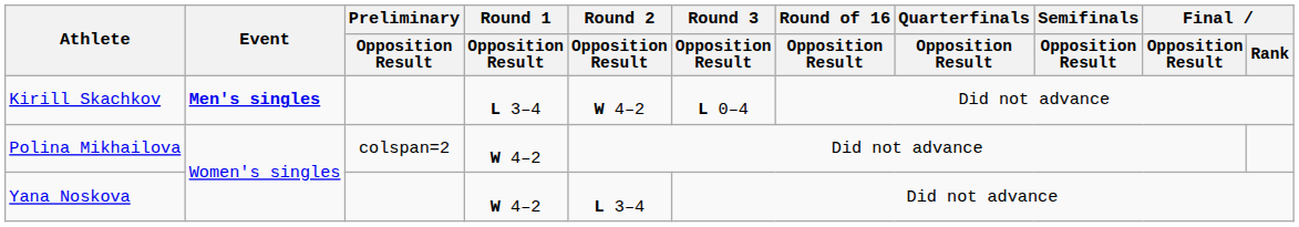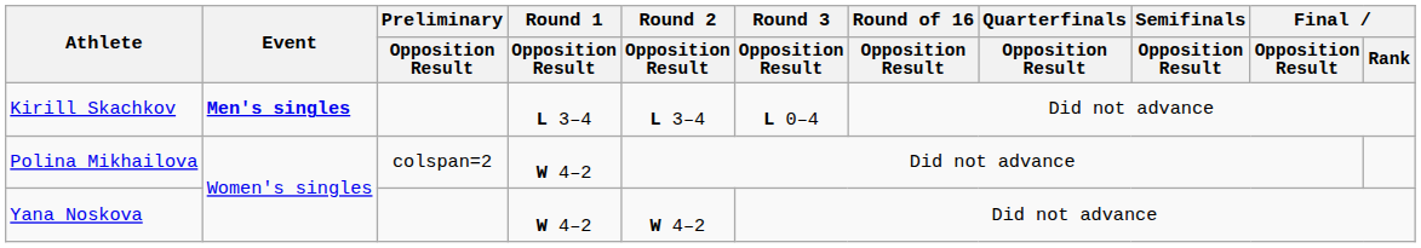 <table class="wikitable" style="text-align:center; font-size:90%">
 <tr>
 <th rowspan=2>Athlete</th>
 <th rowspan=2>Event</th>
 <th>Preliminary</th>
 <th>Round 1</th>
 <th>Round 2</th>
 <th>Round 3</th>
 <th>Round of 16</th>
 <th>Quarterfinals</th>
 <th>Semifinals</th>
 <th colspan=2>Final / </th>
 </tr>
 <tr style="font-size:95%">
 <th>Opposition<br>Result</th>
 <th>Opposition<br>Result</th>
 <th>Opposition<br>Result</th>
 <th>Opposition<br>Result</th>
 <th>Opposition<br>Result</th>
 <th>Opposition<br>Result</th>
 <th>Opposition<br>Result</th>
 <th>Opposition<br>Result</th>
 <th>Rank</th>
 </tr>
 <tr>
 <td align=left><a href='#'>Kirill Skachkov</a></td>
 <td align=left><strong><a href='#'>Men's singles</a></strong></td>
 <td></td>
 <td><br><strong>L</strong> 3–4</td>
-<td><br><strong>W</strong> 4–2</td>
+<td><br><strong>L</strong> 3–4</td>
 <td><br><strong>L</strong> 0–4</td>
 <td colspan=5>Did not advance</td>
 </tr>
 <tr>
 <td align=left><a href='#'>Polina Mikhailova</a></td>
 <td align=left rowspan=2><a href='#'>Women's singles</a></td>
 <td>colspan=2 </td>
 <td><br><strong>W</strong> 4–2</td>
 <td colspan=6>Did not advance</td>
 </tr>
 <tr>
 <td align=left><a href='#'>Yana Noskova</a></td>
 <td></td>
 <td><br><strong>W</strong> 4–2</td>
-<td><br><strong>L</strong> 3–4</td>
+<td><br><strong>W</strong> 4–2</td>
 <td colspan=6>Did not advance</td>
 </tr>
 </table>
